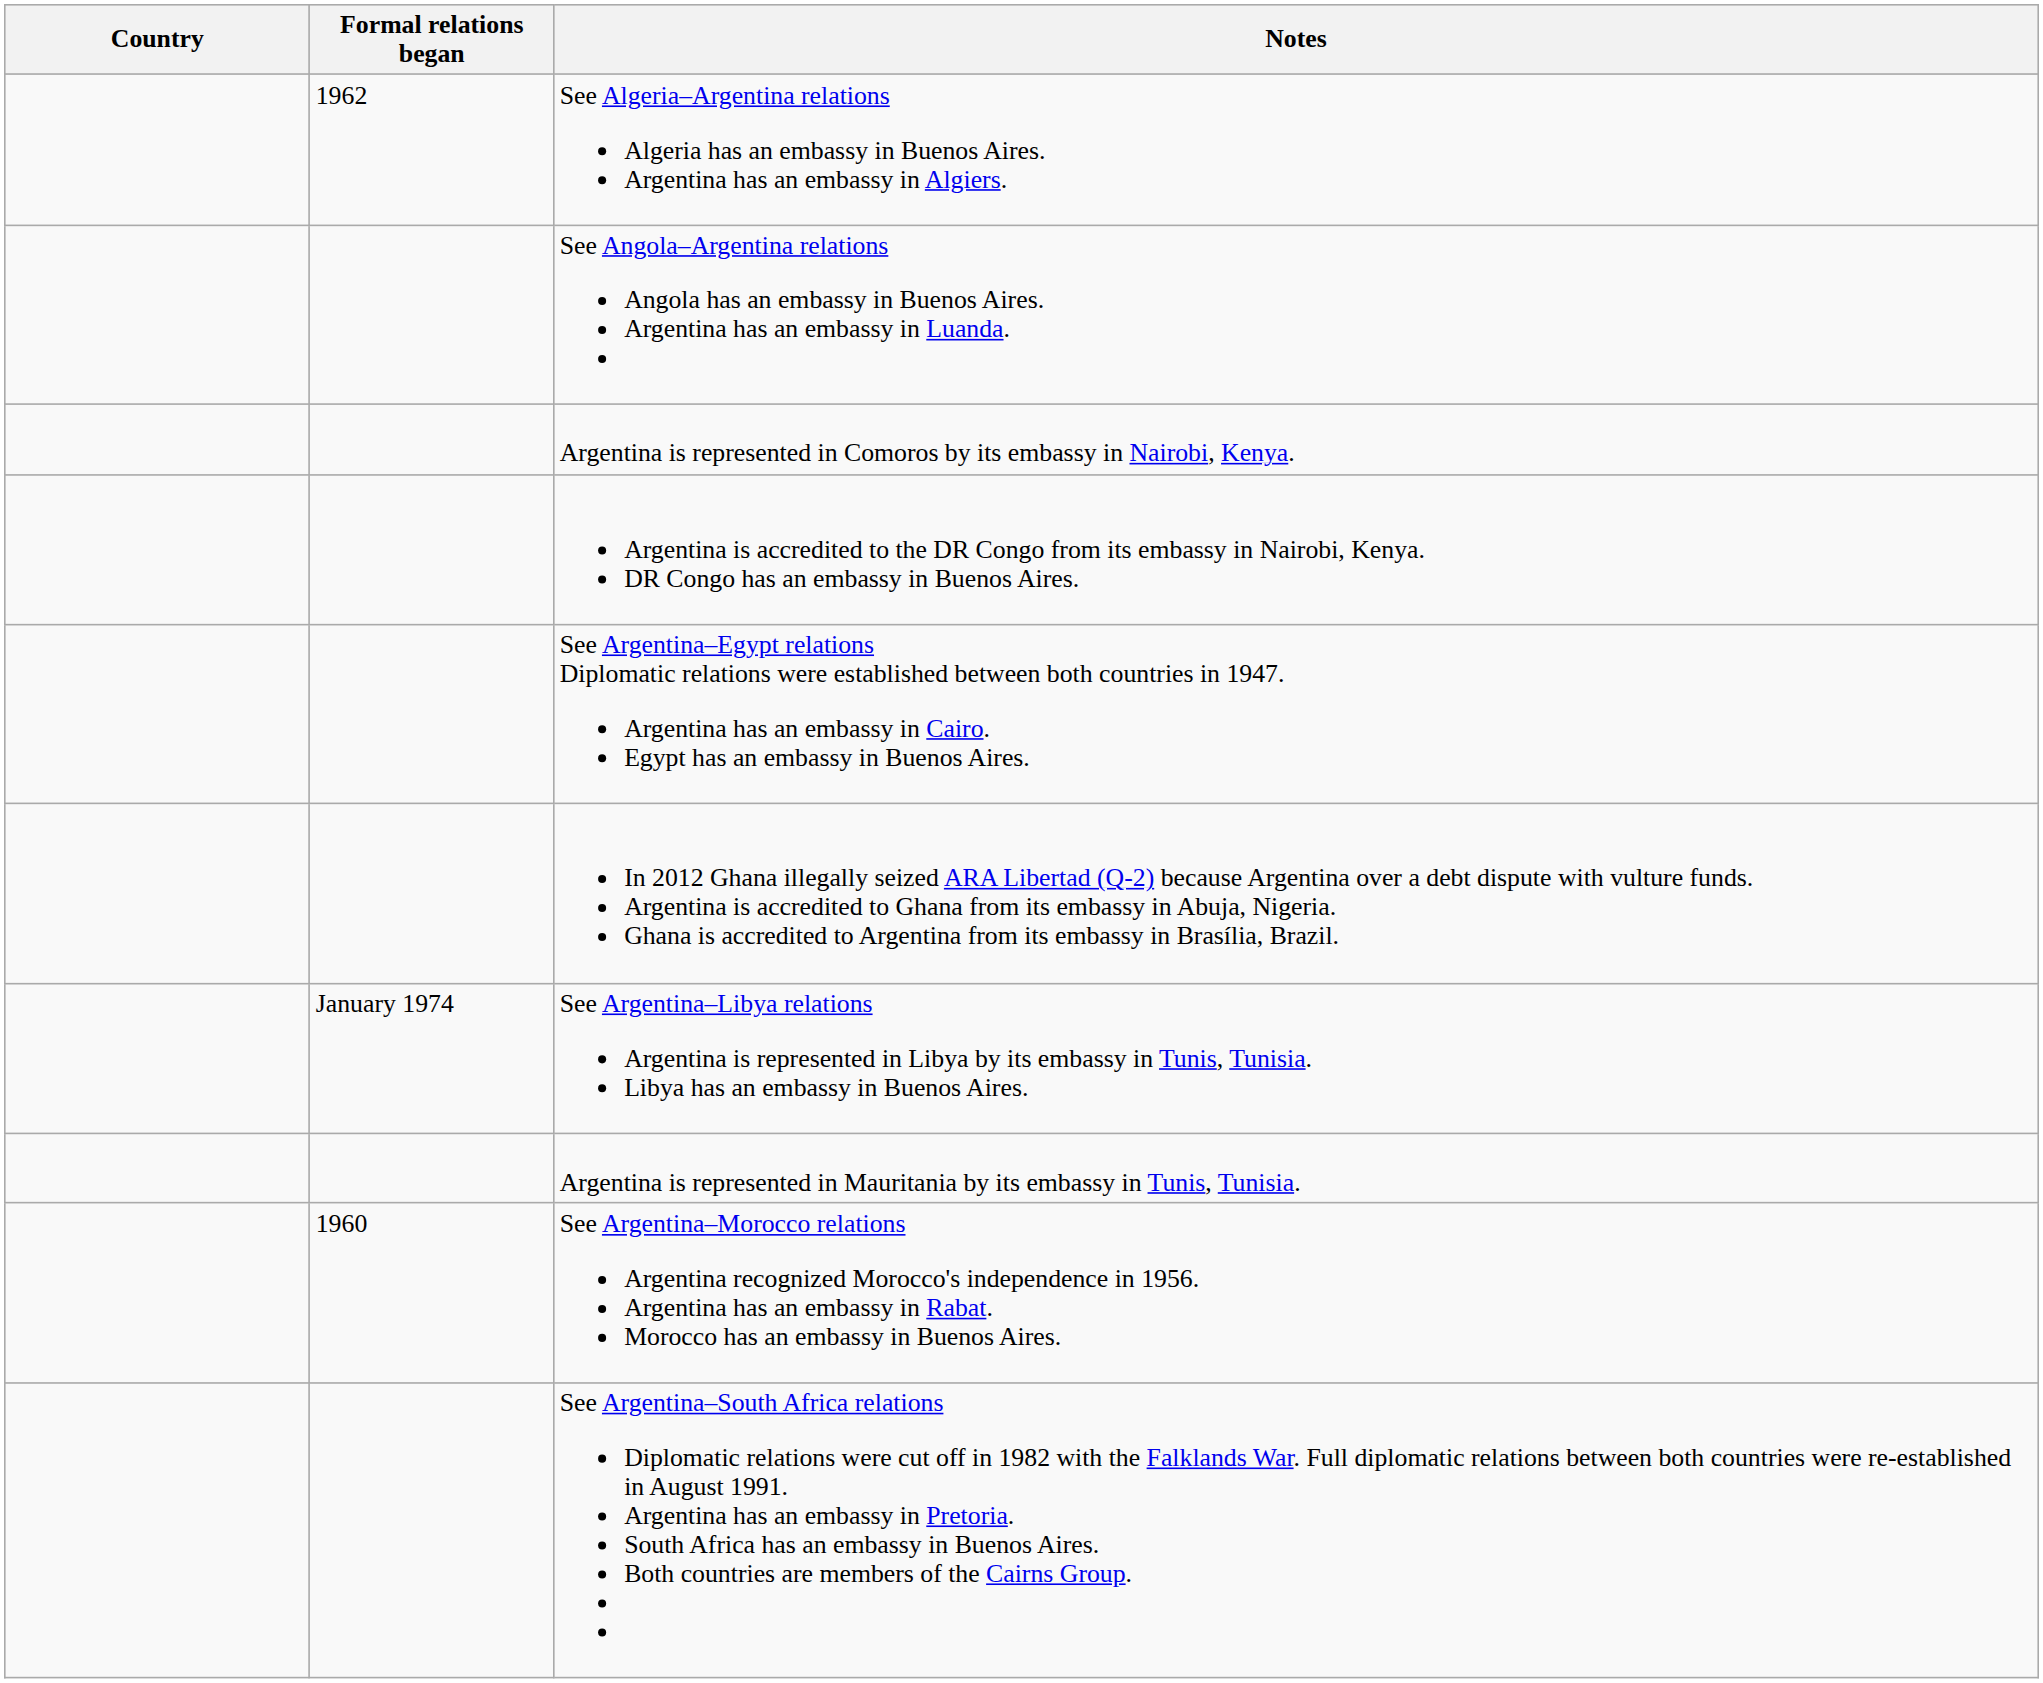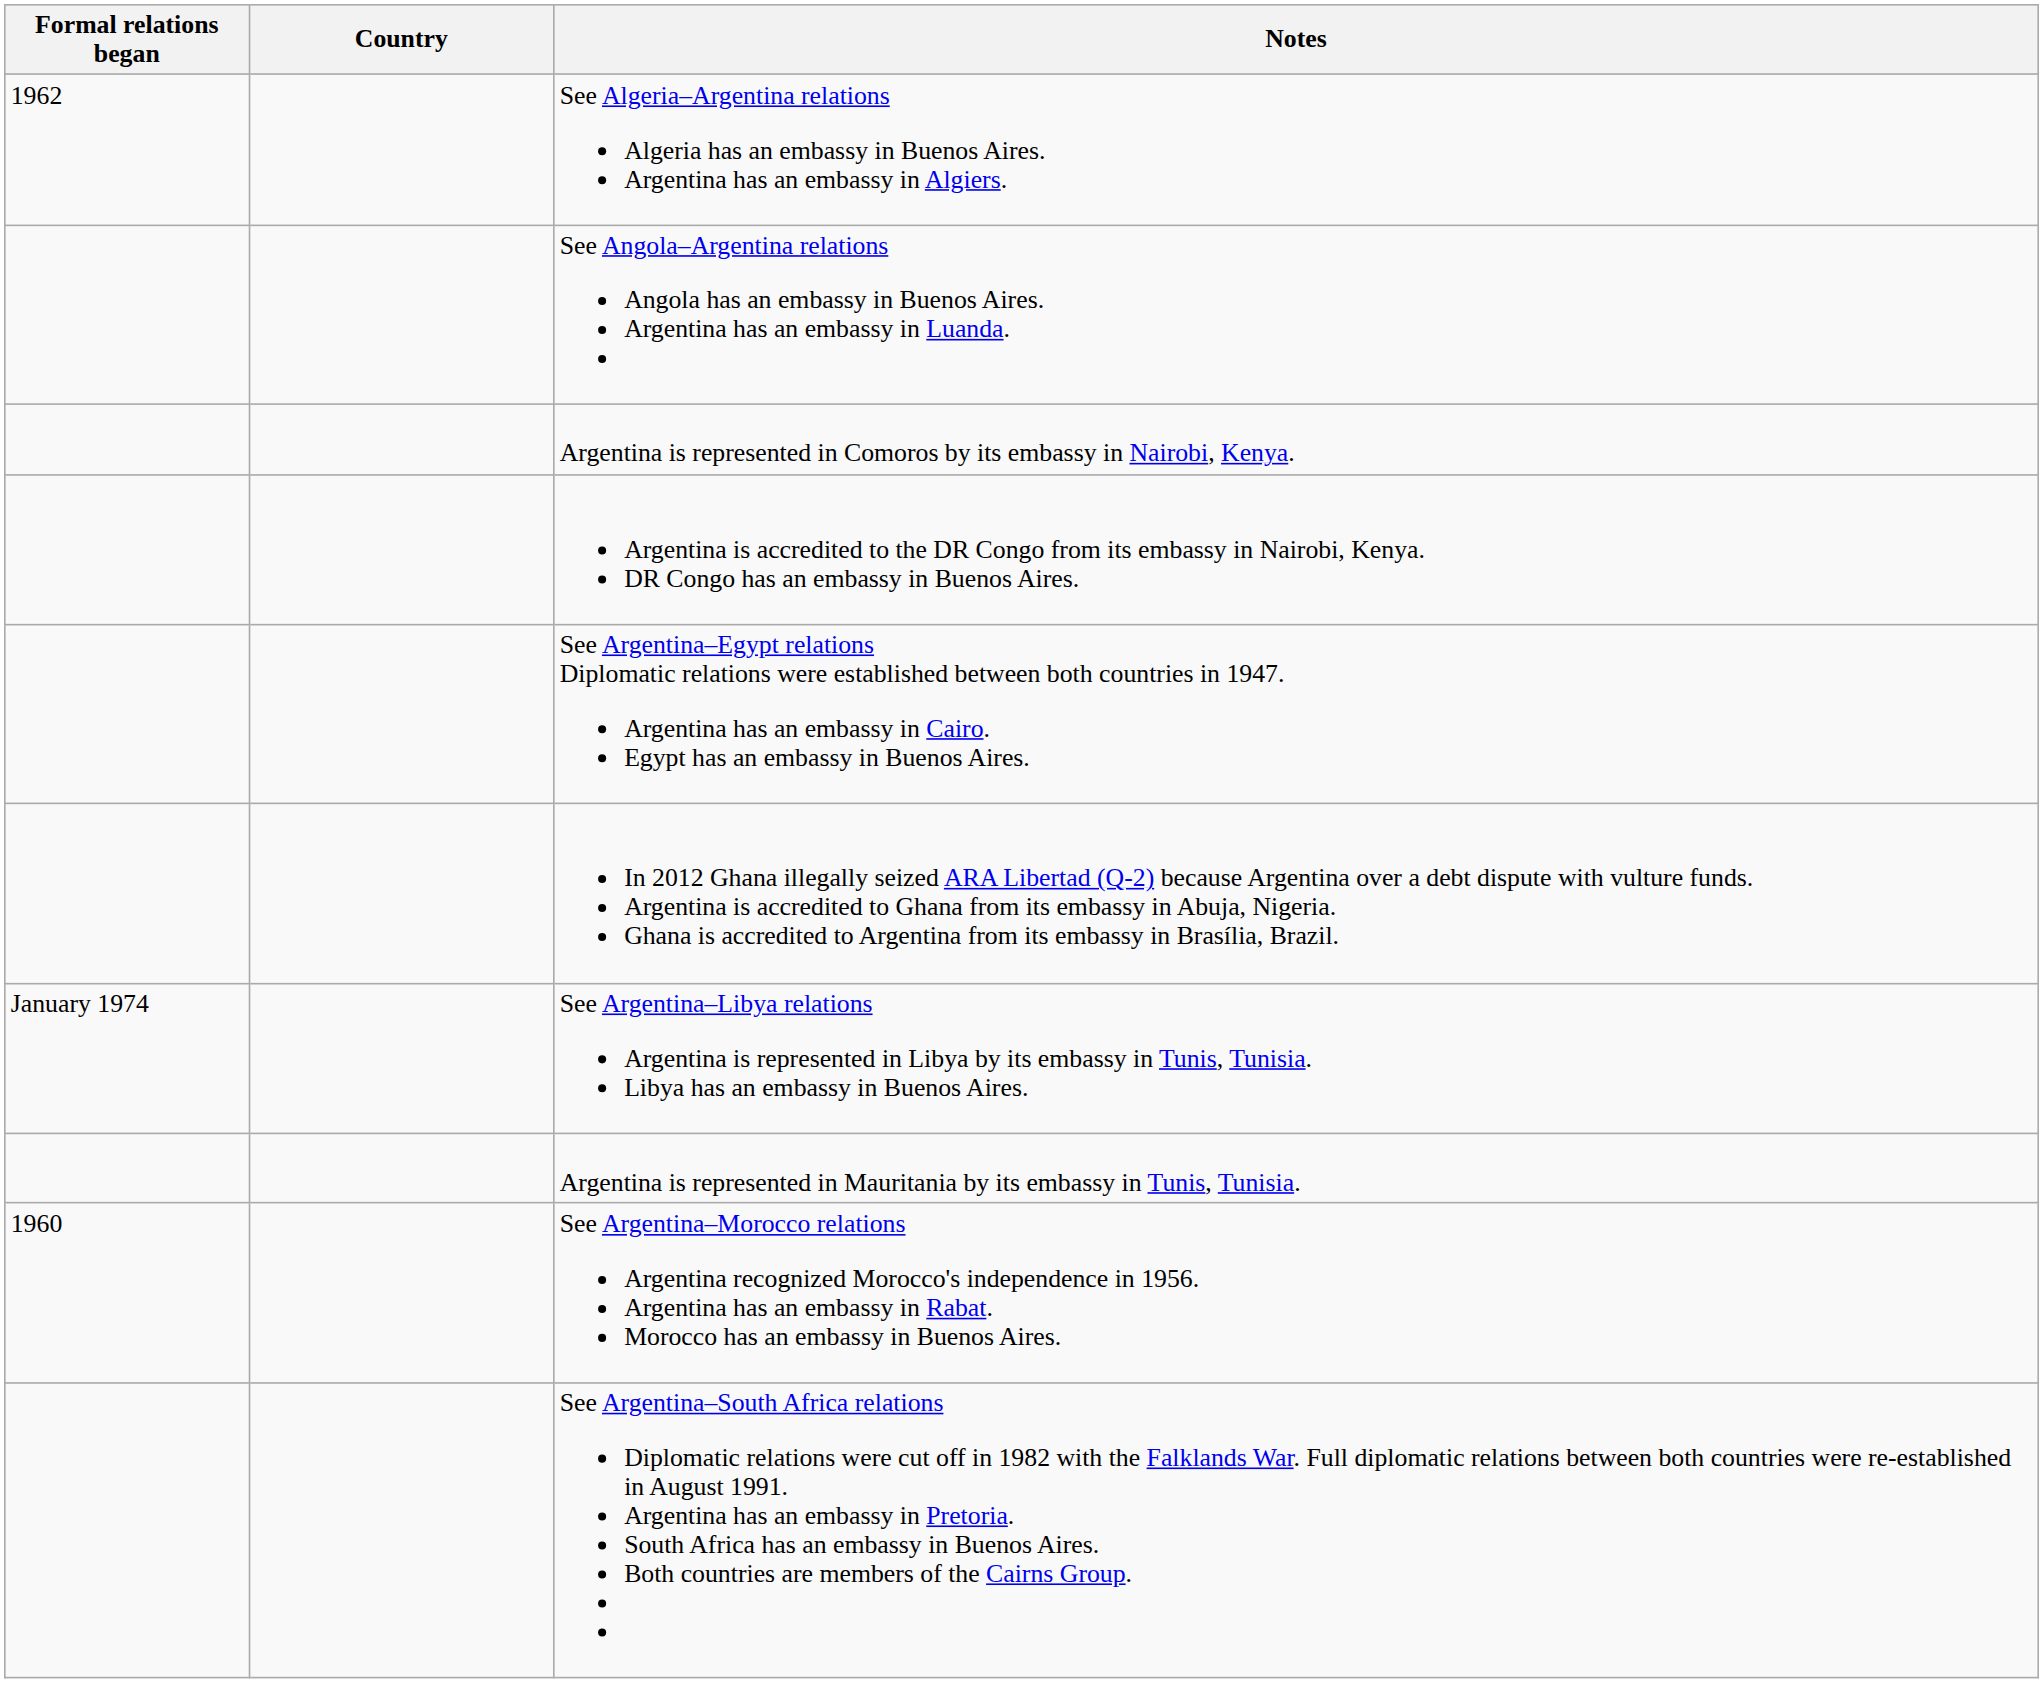 <table class="wikitable sortable" style="width:100%; margin:auto;">
 <tr>
+<th style="width:12%;">Formal relations began</th>
 <th style="width:15%;">Country</th>
-<th style="width:12%;">Formal relations began</th>
 <th>Notes</th>
 </tr>
 <tr valign="top">
+<td>1962</td>
 <td></td>
-<td>1962</td>
 <td>See <a href='#'>Algeria–Argentina relations</a><br><ul><li>Algeria has an embassy in Buenos Aires.</li><li>Argentina has an embassy in <a href='#'>Algiers</a>.</li></ul></td>
 </tr>
 <tr valign="top">
 <td></td>
 <td></td>
 <td>See <a href='#'>Angola–Argentina relations</a><br><ul><li>Angola has an embassy in Buenos Aires.</li><li>Argentina has an embassy in <a href='#'>Luanda</a>.</li><li> </li></ul></td>
 </tr>
 <tr valign="top">
 <td></td>
 <td></td>
 <td><br>Argentina is represented in Comoros by its embassy in <a href='#'>Nairobi</a>, <a href='#'>Kenya</a>.</td>
 </tr>
 <tr valign="top">
 <td></td>
 <td></td>
 <td><br><ul><li>Argentina is accredited to the DR Congo from its embassy in Nairobi, Kenya.</li><li>DR Congo has an embassy in Buenos Aires.</li></ul></td>
 </tr>
 <tr valign="top">
 <td></td>
 <td></td>
 <td>See <a href='#'>Argentina–Egypt relations</a><br>Diplomatic relations were established between both countries in 1947.<ul><li>Argentina has an embassy in <a href='#'>Cairo</a>.</li><li>Egypt has an embassy in Buenos Aires.</li></ul></td>
 </tr>
 <tr valign="top">
 <td></td>
 <td></td>
 <td><br><ul><li>In 2012 Ghana illegally seized <a href='#'>ARA Libertad (Q-2)</a> because Argentina over a debt dispute with vulture funds.</li><li>Argentina is accredited to Ghana from its embassy in Abuja, Nigeria.</li><li>Ghana is accredited to Argentina from its embassy in Brasília, Brazil.</li></ul></td>
 </tr>
 <tr valign="top">
+<td>January 1974</td>
 <td></td>
-<td>January 1974</td>
 <td>See <a href='#'>Argentina–Libya relations</a><br><ul><li>Argentina is represented in Libya by its embassy in <a href='#'>Tunis</a>, <a href='#'>Tunisia</a>.</li><li>Libya has an embassy in Buenos Aires.</li></ul></td>
 </tr>
 <tr valign="top">
 <td></td>
 <td></td>
 <td><br>Argentina is represented in Mauritania by its embassy in <a href='#'>Tunis</a>, <a href='#'>Tunisia</a>.</td>
 </tr>
 <tr valign="top">
+<td>1960</td>
 <td></td>
-<td>1960</td>
 <td>See <a href='#'>Argentina–Morocco relations</a><br><ul><li>Argentina recognized Morocco's independence in 1956.</li><li>Argentina has an embassy in <a href='#'>Rabat</a>.</li><li>Morocco has an embassy in Buenos Aires.</li></ul></td>
 </tr>
 <tr valign="top">
 <td></td>
 <td></td>
 <td>See <a href='#'>Argentina–South Africa relations</a><br><ul><li>Diplomatic relations were cut off in 1982 with the <a href='#'>Falklands War</a>. Full diplomatic relations between both countries were re-established in August 1991.</li><li>Argentina has an embassy in <a href='#'>Pretoria</a>.</li><li>South Africa has an embassy in Buenos Aires.</li><li>Both countries are members of the <a href='#'>Cairns Group</a>.</li><li> </li><li></li></ul></td>
 </tr>
 </table>
